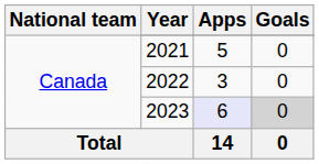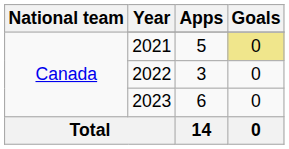 <table class="wikitable" style="text-align:center">
 <tr>
 <th>National team</th>
 <th>Year</th>
 <th>Apps</th>
 <th>Goals</th>
 </tr>
 <tr>
 <td rowspan="4"><a href='#'>Canada</a></td>
 </tr>
 <tr>
 <td>2021</td>
 <td>5</td>
-<td>0</td>
+<td style="background: khaki;">0</td>
 </tr>
 <tr>
 <td>2022</td>
 <td>3</td>
 <td>0</td>
 </tr>
 <tr>
 <td>2023</td>
-<td style="background: lavender;">6</td>
-<td style="background: lightgrey;">0</td>
+<td>6</td>
+<td>0</td>
 </tr>
 <tr>
 <th colspan="2">Total</th>
 <th>14</th>
 <th>0</th>
 </tr>
 </table>
